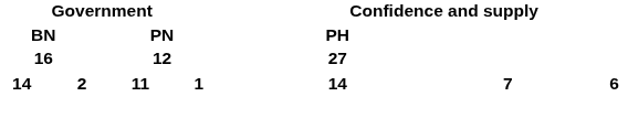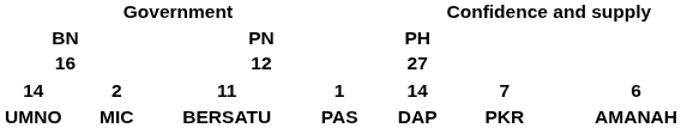 <table style="width:40em;">
 <tr style="text-align:center;">
 <td colspan="4" style="color:"><strong>Government</strong></td>
 <td colspan="3" style="color:"><strong>Confidence and supply</strong></td>
 </tr>
 <tr style="text-align:center;">
 <td colspan="2" style="color:"><strong>BN</strong></td>
 <td colspan="2" style="color:"><strong>PN</strong></td>
 <td style="color:"><strong>PH</strong></td>
 </tr>
 <tr style="text-align:center;">
 <td colspan="2" style="background:"><strong>16</strong></td>
 <td colspan="2" style="background:"><strong>12</strong></td>
 <td style="background:"><strong>27</strong></td>
 </tr>
 <tr>
 </tr>
 <tr style="text-align:center;">
 <td style="background:"><strong>14</strong></td>
 <td style="background:"><strong>2</strong></td>
 <td style="background:"><strong>11</strong></td>
 <td style="background:"><strong>1</strong></td>
 <td style="background:"><strong>14</strong></td>
 <td style="background:"><strong>7</strong></td>
 <td style="background:"><strong>6</strong></td>
 </tr>
+<tr style="text-align:center;">
+<td style="color:"><strong>UMNO</strong></td>
+<td style="color:"><strong>MIC</strong></td>
+<td style="color:"><strong>BERSATU</strong></td>
+<td style="color:"><strong>PAS</strong></td>
+<td style="color:"><strong>DAP</strong></td>
+<td style="color:"><strong>PKR</strong></td>
+<td style="color:"><strong>AMANAH</strong></td>
+</tr>
 </table>
